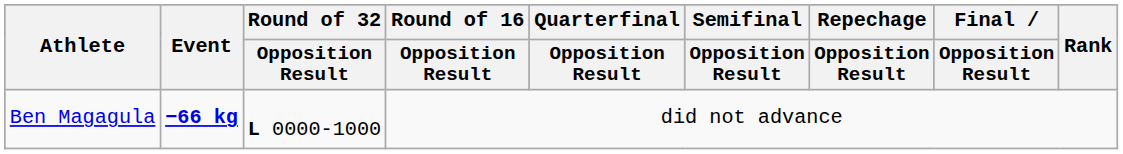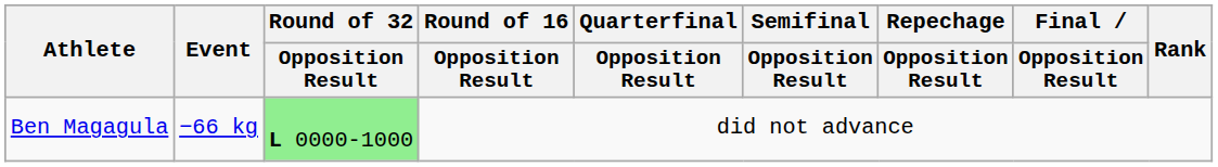 <table class="wikitable" style="font-size:90%">
 <tr>
 <th rowspan=2>Athlete</th>
 <th rowspan=2>Event</th>
 <th>Round of 32</th>
 <th>Round of 16</th>
 <th>Quarterfinal</th>
 <th>Semifinal</th>
 <th>Repechage</th>
 <th>Final / </th>
 <th rowspan=2>Rank</th>
 </tr>
 <tr style="font-size: 95%">
 <th>Opposition<br>Result</th>
 <th>Opposition<br>Result</th>
 <th>Opposition<br>Result</th>
 <th>Opposition<br>Result</th>
 <th>Opposition<br>Result</th>
 <th>Opposition<br>Result</th>
 </tr>
 <tr align=center>
 <td align=left><a href='#'>Ben Magagula</a></td>
-<td align=left><strong><a href='#'>−66 kg</a></strong></td>
-<td><br><strong>L</strong> 0000-1000</td>
+<td align=left><a href='#'>−66 kg</a></td>
+<td style="background: lightgreen;"><br><strong>L</strong> 0000-1000</td>
 <td colspan=6>did not advance</td>
 </tr>
 </table>
